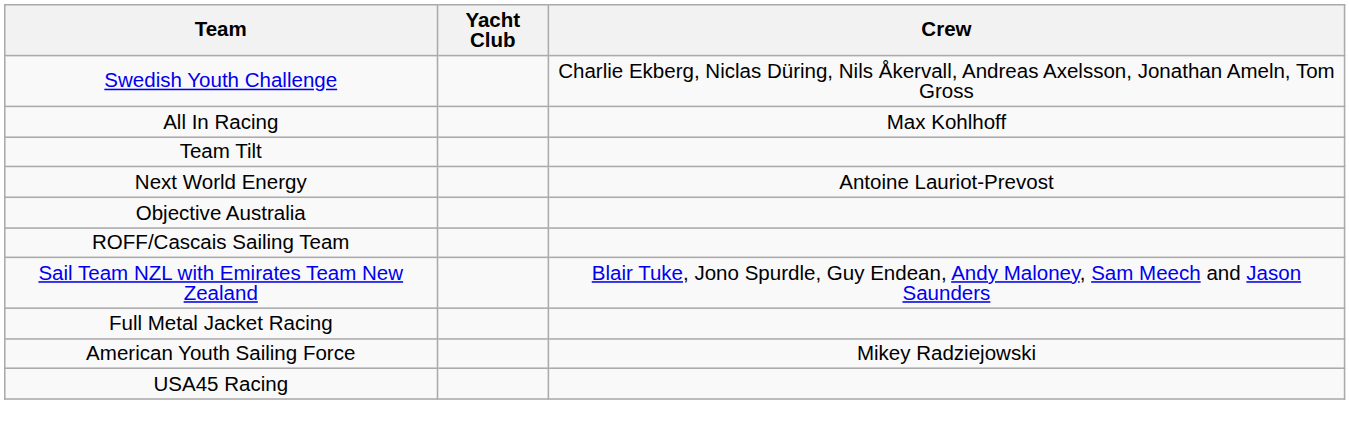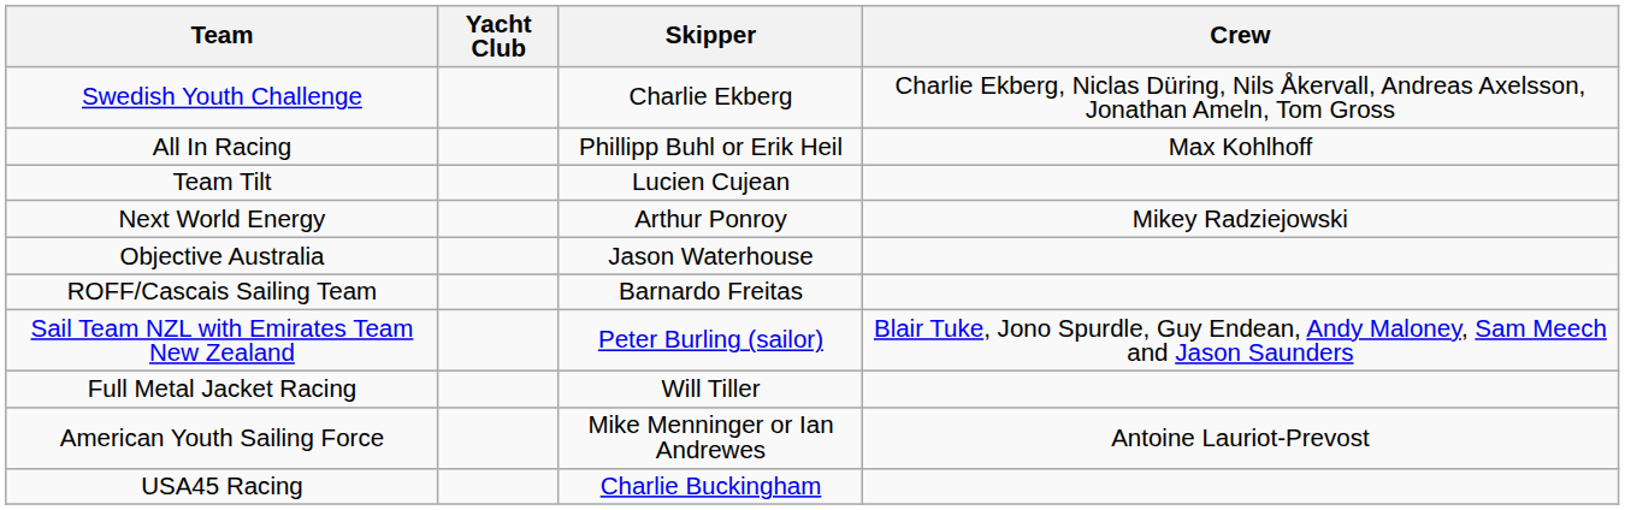 <table class="wikitable" style="font-size:10pt;line-height:1.0;line-width:2.0;text-align: center;">
 <tr>
 <th>Team</th>
 <th>Yacht Club</th>
+<th>Skipper</th>
 <th>Crew</th>
 </tr>
 <tr>
 <td> <a href='#'>Swedish Youth Challenge</a></td>
 <td></td>
+<td>Charlie Ekberg</td>
 <td>Charlie Ekberg, Niclas Düring, Nils Åkervall, Andreas Axelsson, Jonathan Ameln, Tom Gross</td>
 </tr>
 <tr>
 <td> All In Racing</td>
 <td></td>
+<td>Phillipp Buhl or Erik Heil  </td>
 <td>Max Kohlhoff </td>
 </tr>
 <tr>
 <td> Team Tilt</td>
 <td></td>
+<td>Lucien Cujean</td>
 <td></td>
 </tr>
 <tr>
 <td> Next World Energy</td>
 <td></td>
-<td>Antoine Lauriot-Prevost </td>
+<td>Arthur Ponroy</td>
+<td>Mikey Radziejowski </td>
 </tr>
 <tr>
 <td> Objective Australia</td>
 <td></td>
+<td>Jason Waterhouse</td>
 <td></td>
 </tr>
 <tr>
 <td> ROFF/Cascais Sailing Team</td>
 <td></td>
+<td>Barnardo Freitas</td>
 <td></td>
 </tr>
 <tr>
 <td> <a href='#'>Sail Team NZL with Emirates Team New Zealand</a></td>
 <td></td>
+<td><a href='#'>Peter Burling (sailor)</a></td>
 <td><a href='#'>Blair Tuke</a>, Jono Spurdle, Guy Endean, <a href='#'>Andy Maloney</a>, <a href='#'>Sam Meech</a> and <a href='#'>Jason Saunders</a></td>
 </tr>
 <tr>
 <td> Full Metal Jacket Racing</td>
 <td></td>
+<td>Will Tiller</td>
 <td></td>
 </tr>
 <tr>
 <td> American Youth Sailing Force</td>
 <td></td>
-<td>Mikey Radziejowski </td>
+<td>Mike Menninger  or Ian Andrewes </td>
+<td>Antoine Lauriot-Prevost </td>
 </tr>
 <tr>
 <td> USA45 Racing</td>
 <td></td>
+<td><a href='#'>Charlie Buckingham</a></td>
 <td></td>
 </tr>
 </table>
